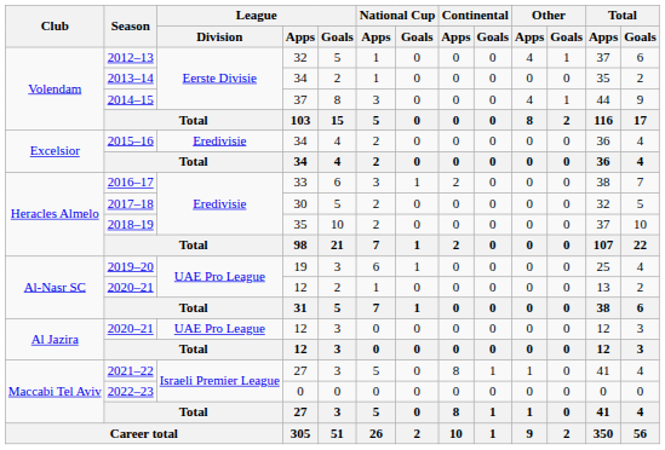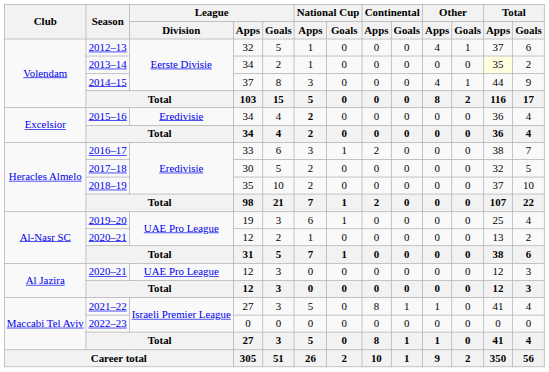 <table class="wikitable" style="text-align:center">
 <tr>
 <th rowspan="2">Club</th>
 <th rowspan="2">Season</th>
 <th colspan="3">League</th>
 <th colspan="2">National Cup</th>
 <th colspan="2">Continental</th>
 <th colspan="2">Other</th>
 <th colspan="2">Total</th>
 </tr>
 <tr>
 <th>Division</th>
 <th>Apps</th>
 <th>Goals</th>
 <th>Apps</th>
 <th>Goals</th>
 <th>Apps</th>
 <th>Goals</th>
 <th>Apps</th>
 <th>Goals</th>
 <th>Apps</th>
 <th>Goals</th>
 </tr>
 <tr>
 <td rowspan="4"><a href='#'>Volendam</a></td>
 <td><a href='#'>2012–13</a></td>
 <td rowspan="3"><a href='#'>Eerste Divisie</a></td>
 <td>32</td>
 <td>5</td>
 <td>1</td>
 <td>0</td>
 <td>0</td>
 <td>0</td>
 <td>4</td>
 <td>1</td>
 <td>37</td>
 <td>6</td>
 </tr>
 <tr>
 <td><a href='#'>2013–14</a></td>
 <td>34</td>
 <td>2</td>
 <td>1</td>
 <td>0</td>
 <td>0</td>
 <td>0</td>
 <td>0</td>
 <td>0</td>
-<td>35</td>
+<td style="background: lightyellow;">35</td>
 <td>2</td>
 </tr>
 <tr>
 <td><a href='#'>2014–15</a></td>
 <td>37</td>
 <td>8</td>
 <td>3</td>
 <td>0</td>
 <td>0</td>
 <td>0</td>
 <td>4</td>
 <td>1</td>
 <td>44</td>
 <td>9</td>
 </tr>
 <tr>
 <th colspan="2">Total</th>
 <th>103</th>
 <th>15</th>
 <th>5</th>
 <th>0</th>
 <th>0</th>
 <th>0</th>
 <th>8</th>
 <th>2</th>
 <th>116</th>
 <th>17</th>
 </tr>
 <tr>
 <td rowspan="2"><a href='#'>Excelsior</a></td>
 <td><a href='#'>2015–16</a></td>
 <td><a href='#'>Eredivisie</a></td>
 <td>34</td>
 <td>4</td>
-<td>2</td>
+<td><strong>2</strong></td>
 <td>0</td>
 <td>0</td>
 <td>0</td>
 <td>0</td>
 <td>0</td>
 <td>36</td>
 <td>4</td>
 </tr>
 <tr>
 <th colspan="2">Total</th>
 <th>34</th>
 <th>4</th>
 <th>2</th>
 <th>0</th>
 <th>0</th>
 <th>0</th>
 <th>0</th>
 <th>0</th>
 <th>36</th>
 <th>4</th>
 </tr>
 <tr>
 <td rowspan="4"><a href='#'>Heracles Almelo</a></td>
 <td><a href='#'>2016–17</a></td>
 <td rowspan="3"><a href='#'>Eredivisie</a></td>
 <td>33</td>
 <td>6</td>
 <td>3</td>
 <td>1</td>
 <td>2</td>
 <td>0</td>
 <td>0</td>
 <td>0</td>
 <td>38</td>
 <td>7</td>
 </tr>
 <tr>
 <td><a href='#'>2017–18</a></td>
 <td>30</td>
 <td>5</td>
 <td>2</td>
 <td>0</td>
 <td>0</td>
 <td>0</td>
 <td>0</td>
 <td>0</td>
 <td>32</td>
 <td>5</td>
 </tr>
 <tr>
 <td><a href='#'>2018–19</a></td>
 <td>35</td>
 <td>10</td>
 <td>2</td>
 <td>0</td>
 <td>0</td>
 <td>0</td>
 <td>0</td>
 <td>0</td>
 <td>37</td>
 <td>10</td>
 </tr>
 <tr>
 <th colspan="2">Total</th>
 <th>98</th>
 <th>21</th>
 <th>7</th>
 <th>1</th>
 <th>2</th>
 <th>0</th>
 <th>0</th>
 <th>0</th>
 <th>107</th>
 <th>22</th>
 </tr>
 <tr>
 <td rowspan="3"><a href='#'>Al-Nasr SC</a></td>
 <td><a href='#'>2019–20</a></td>
 <td rowspan="2"><a href='#'>UAE Pro League</a></td>
 <td>19</td>
 <td>3</td>
 <td>6</td>
 <td>1</td>
 <td>0</td>
 <td>0</td>
 <td>0</td>
 <td>0</td>
 <td>25</td>
 <td>4</td>
 </tr>
 <tr>
 <td><a href='#'>2020–21</a></td>
 <td>12</td>
 <td>2</td>
 <td>1</td>
 <td>0</td>
 <td>0</td>
 <td>0</td>
 <td>0</td>
 <td>0</td>
 <td>13</td>
 <td>2</td>
 </tr>
 <tr>
 <th colspan="2">Total</th>
 <th>31</th>
 <th>5</th>
 <th>7</th>
 <th>1</th>
 <th>0</th>
 <th>0</th>
 <th>0</th>
 <th>0</th>
 <th>38</th>
 <th>6</th>
 </tr>
 <tr>
 <td rowspan="2"><a href='#'>Al Jazira</a></td>
 <td><a href='#'>2020–21</a></td>
 <td rowspan="1"><a href='#'>UAE Pro League</a></td>
 <td>12</td>
 <td>3</td>
 <td>0</td>
 <td>0</td>
 <td>0</td>
 <td>0</td>
 <td>0</td>
 <td>0</td>
 <td>12</td>
 <td>3</td>
 </tr>
 <tr>
 <th colspan="2">Total</th>
 <th>12</th>
 <th>3</th>
 <th>0</th>
 <th>0</th>
 <th>0</th>
 <th>0</th>
 <th>0</th>
 <th>0</th>
 <th>12</th>
 <th>3</th>
 </tr>
 <tr>
 <td rowspan="3"><a href='#'>Maccabi Tel Aviv</a></td>
 <td><a href='#'>2021–22</a></td>
 <td rowspan="2"><a href='#'>Israeli Premier League</a></td>
 <td>27</td>
 <td>3</td>
 <td>5</td>
 <td>0</td>
 <td>8</td>
 <td>1</td>
 <td>1</td>
 <td>0</td>
 <td>41</td>
 <td>4</td>
 </tr>
 <tr>
 <td><a href='#'>2022–23</a></td>
 <td>0</td>
 <td>0</td>
 <td>0</td>
 <td>0</td>
 <td>0</td>
 <td>0</td>
 <td>0</td>
 <td>0</td>
 <td>0</td>
 <td>0</td>
 </tr>
 <tr>
 <th colspan="2">Total</th>
 <th>27</th>
 <th>3</th>
 <th>5</th>
 <th>0</th>
 <th>8</th>
 <th>1</th>
 <th>1</th>
 <th>0</th>
 <th>41</th>
 <th>4</th>
 </tr>
 <tr>
 <th colspan="3">Career total</th>
 <th>305</th>
 <th>51</th>
 <th>26</th>
 <th>2</th>
 <th>10</th>
 <th>1</th>
 <th>9</th>
 <th>2</th>
 <th>350</th>
 <th>56</th>
 </tr>
 </table>
